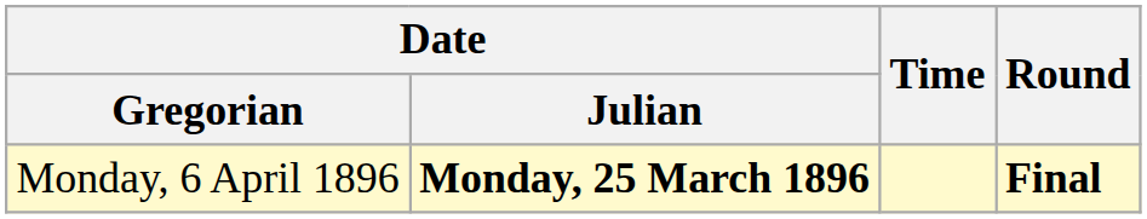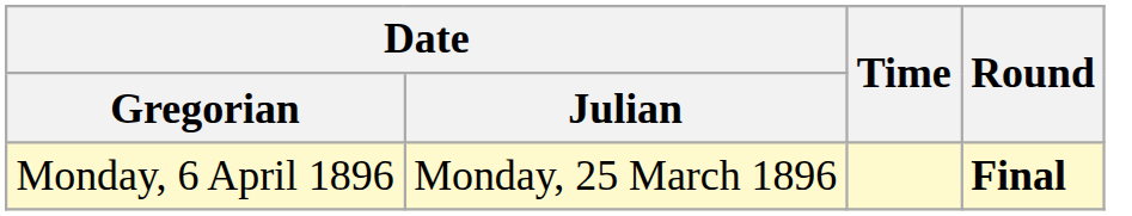 <table class="wikitable">
 <tr>
 <th colspan=2>Date</th>
 <th rowspan=2>Time</th>
 <th rowspan=2>Round</th>
 </tr>
 <tr>
 <th>Gregorian</th>
 <th>Julian</th>
 </tr>
 <tr style=background:lemonchiffon>
 <td>Monday, 6 April 1896</td>
-<td><strong>Monday, 25 March 1896</strong></td>
+<td>Monday, 25 March 1896</td>
 <td></td>
 <td><strong>Final</strong></td>
 </tr>
 </table>
